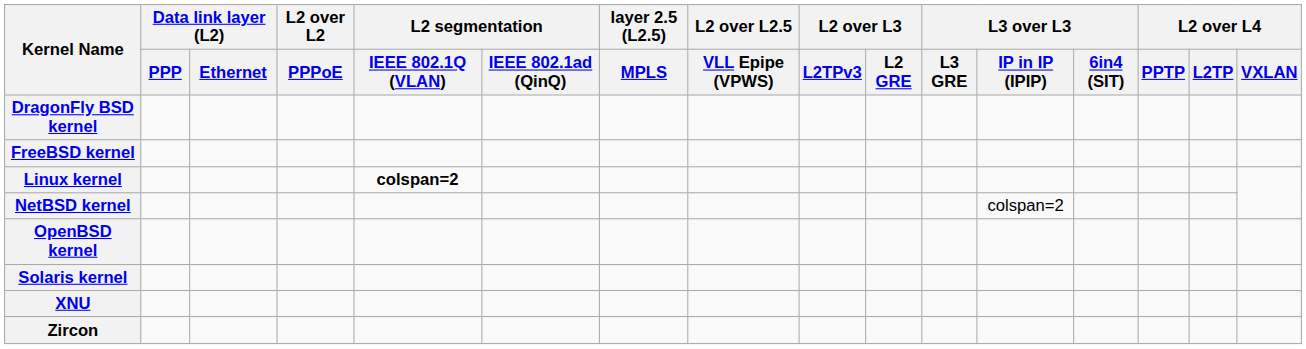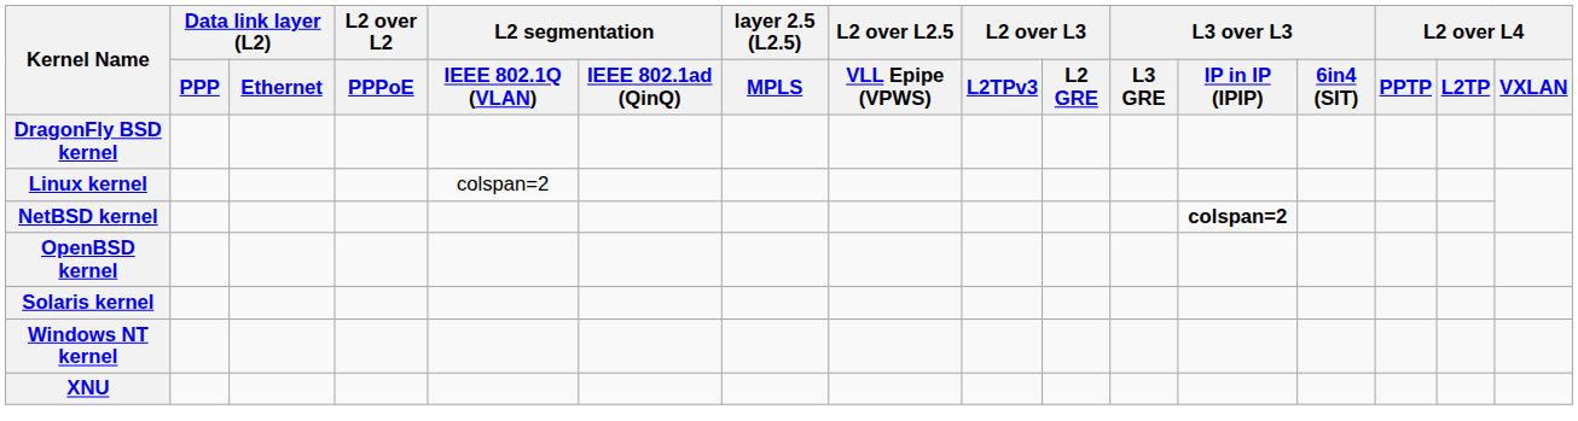 <table class="sortable wikitable" style="text-align: center; width: auto">
 <tr>
 <th rowspan=2>Kernel Name</th>
 <th colspan=2><a href='#'>Data link layer</a> (L2)</th>
 <th>L2 over L2</th>
 <th colspan=2>L2 segmentation</th>
 <th>layer 2.5 (L2.5)</th>
 <th colspan=1>L2 over L2.5</th>
 <th colspan=2>L2 over L3</th>
 <th colspan=3>L3 over L3</th>
 <th colspan=3>L2 over L4</th>
 </tr>
 <tr>
 <th><a href='#'>PPP</a></th>
 <th><a href='#'>Ethernet</a></th>
 <th><a href='#'>PPPoE</a></th>
 <th><a href='#'>IEEE 802.1Q</a> (<a href='#'>VLAN</a>)</th>
 <th><a href='#'>IEEE 802.1ad</a> (QinQ)</th>
 <th><a href='#'>MPLS</a></th>
 <th><a href='#'>VLL</a> Epipe (VPWS)</th>
 <th><a href='#'>L2TPv3</a></th>
 <th>L2 <a href='#'>GRE</a></th>
 <th>L3 GRE</th>
 <th><a href='#'>IP in IP</a> (IPIP)</th>
 <th><a href='#'>6in4</a> (SIT)</th>
 <th><a href='#'>PPTP</a></th>
 <th><a href='#'>L2TP</a></th>
 <th><a href='#'>VXLAN</a></th>
 </tr>
 <tr>
 <th><a href='#'>DragonFly BSD kernel</a></th>
 <td></td>
 <td></td>
 <td></td>
 <td></td>
 <td></td>
 <td></td>
 <td></td>
 <td></td>
 <td></td>
 <td></td>
 <td></td>
 <td></td>
 <td></td>
 <td></td>
 <td></td>
 </tr>
 <tr>
-<th><a href='#'>FreeBSD kernel</a></th>
-<td></td>
-<td></td>
-<td></td>
-<td></td>
-<td></td>
-<td></td>
-<td></td>
-<td></td>
-<td></td>
-<td></td>
-<td></td>
-<td></td>
-<td></td>
-<td></td>
-<td></td>
-</tr>
-<tr>
 <th><a href='#'>Linux kernel</a></th>
 <td></td>
 <td></td>
 <td></td>
-<td><strong>colspan=2 </strong></td>
+<td>colspan=2 </td>
 <td></td>
 <td></td>
 <td></td>
 <td></td>
 <td></td>
 <td></td>
 <td></td>
 <td></td>
 <td></td>
 <td></td>
 </tr>
 <tr>
 <th><a href='#'>NetBSD kernel</a></th>
 <td></td>
 <td></td>
 <td></td>
 <td></td>
 <td></td>
 <td></td>
 <td></td>
 <td></td>
 <td></td>
 <td></td>
-<td>colspan=2 </td>
+<td><strong>colspan=2 </strong></td>
 <td></td>
 <td></td>
 <td></td>
 </tr>
 <tr>
 <th><a href='#'>OpenBSD kernel</a></th>
 <td></td>
 <td></td>
 <td></td>
 <td></td>
 <td></td>
 <td></td>
 <td></td>
 <td></td>
 <td></td>
 <td></td>
 <td></td>
 <td></td>
 <td></td>
 <td></td>
 <td></td>
 </tr>
 <tr>
 <th><a href='#'>Solaris kernel</a></th>
 <td></td>
 <td></td>
 <td></td>
 <td></td>
 <td></td>
 <td></td>
 <td></td>
 <td></td>
 <td></td>
 <td></td>
 <td></td>
 <td></td>
 <td></td>
 <td></td>
 <td></td>
 </tr>
 <tr>
+<th><a href='#'>Windows NT kernel</a></th>
+<td></td>
+<td></td>
+<td></td>
+<td></td>
+<td></td>
+<td></td>
+<td></td>
+<td></td>
+<td></td>
+<td></td>
+<td></td>
+<td></td>
+<td></td>
+<td></td>
+<td></td>
+</tr>
+<tr>
 <th><a href='#'>XNU</a></th>
 <td></td>
 <td></td>
 <td></td>
 <td></td>
 <td></td>
 <td></td>
 <td></td>
 <td></td>
 <td></td>
 <td></td>
 <td></td>
 <td></td>
 <td></td>
 <td></td>
 <td></td>
 </tr>
-<tr>
-<th>Zircon</th>
-<td></td>
-<td></td>
-<td></td>
-<td></td>
-<td></td>
-<td></td>
-<td></td>
-<td></td>
-<td></td>
-<td></td>
-<td></td>
-<td></td>
-<td></td>
-<td></td>
-<td></td>
-</tr>
 </table>
